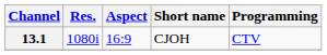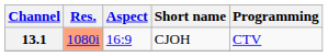 <table class="wikitable">
 <tr>
 <th><a href='#'>Channel</a></th>
 <th><a href='#'>Res.</a></th>
 <th><a href='#'>Aspect</a></th>
 <th>Short name</th>
 <th>Programming</th>
 </tr>
 <tr>
 <th scope = "row">13.1</th>
-<td><a href='#'>1080i</a></td>
+<td style="background: lightsalmon;"><a href='#'>1080i</a></td>
 <td><a href='#'>16:9</a></td>
 <td>CJOH</td>
 <td><a href='#'>CTV</a></td>
 </tr>
 <tr>
 </tr>
 </table>
